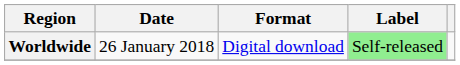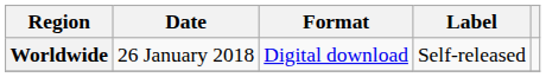 <table class="wikitable plainrowheaders">
 <tr>
 <th>Region</th>
 <th>Date</th>
 <th>Format</th>
 <th>Label</th>
 <th></th>
 </tr>
 <tr>
 <th scope="row" rowspan="1">Worldwide</th>
 <td>26 January 2018</td>
 <td><a href='#'>Digital download</a></td>
-<td rowspan="1" style="background: lightgreen;">Self-released</td>
+<td rowspan="1">Self-released</td>
 <td></td>
 </tr>
 <tr>
 </tr>
 </table>
